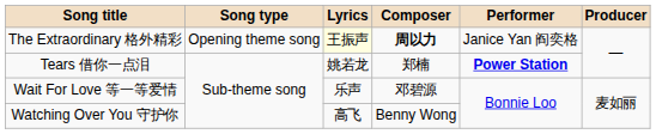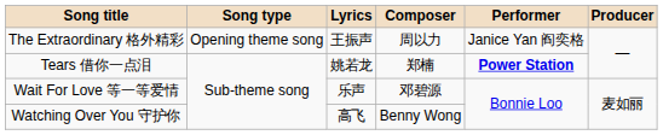 <table class="wikitable" align=center>
 <tr>
 <th style="background:#f2dfc6;">Song title</th>
 <th style="background:#f2dfc6;">Song type</th>
 <th style="background:#f2dfc6;">Lyrics</th>
 <th style="background:#f2dfc6;">Composer</th>
 <th style="background:#f2dfc6;">Performer</th>
 <th style="background:#f2dfc6;">Producer</th>
 </tr>
 <tr>
 <td align="center">The Extraordinary 格外精彩</td>
 <td align="center">Opening theme song</td>
-<td align="center" style="background: lightyellow;">王振声</td>
-<td align="center"><strong>周以力</strong></td>
+<td align="center">王振声</td>
+<td align="center">周以力</td>
 <td align="center">Janice Yan 阎奕格</td>
 <td rowspan=2 align="center">—</td>
 </tr>
 <tr>
 <td align="center">Tears 借你一点泪</td>
 <td rowspan=3 align="center">Sub-theme song</td>
 <td align="center">姚若龙</td>
 <td align="center">郑楠</td>
 <td align="center"><strong><a href='#'>Power Station</a></strong></td>
 </tr>
 <tr>
 <td align="center">Wait For Love 等一等爱情</td>
 <td align="center">乐声</td>
 <td align="center">邓碧源</td>
 <td rowspan=2 align="center"><a href='#'>Bonnie Loo</a></td>
 <td rowspan=2 align="center">麦如丽</td>
 </tr>
 <tr>
 <td align="center">Watching Over You 守护你</td>
 <td align="center">高飞</td>
 <td align="center">Benny Wong</td>
 </tr>
 </table>
